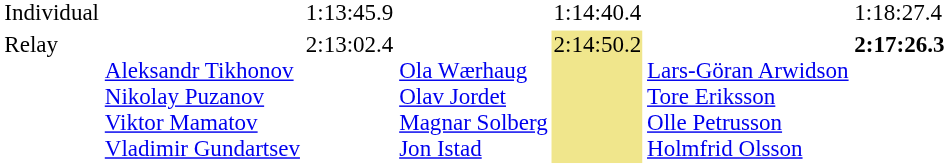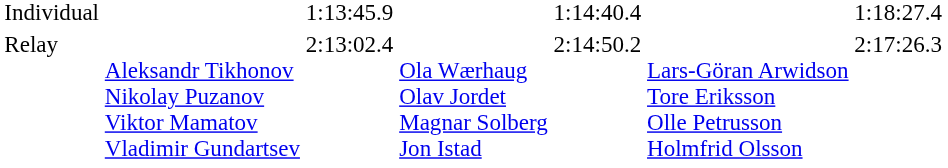 <table>
 <tr valign="top">
 <td>Individual<br></td>
 <td></td>
 <td>1:13:45.9</td>
 <td></td>
 <td>1:14:40.4</td>
 <td></td>
 <td>1:18:27.4</td>
 </tr>
 <tr valign="top">
 <td>Relay<br></td>
 <td><br><a href='#'>Aleksandr Tikhonov</a><br><a href='#'>Nikolay Puzanov</a><br><a href='#'>Viktor Mamatov</a><br><a href='#'>Vladimir Gundartsev</a></td>
 <td>2:13:02.4</td>
 <td><br><a href='#'>Ola Wærhaug</a><br><a href='#'>Olav Jordet</a><br><a href='#'>Magnar Solberg</a><br><a href='#'>Jon Istad</a></td>
-<td style="background: khaki;">2:14:50.2</td>
+<td>2:14:50.2</td>
 <td><br><a href='#'>Lars-Göran Arwidson</a><br><a href='#'>Tore Eriksson</a><br><a href='#'>Olle Petrusson</a><br><a href='#'>Holmfrid Olsson</a></td>
-<td><strong>2:17:26.3</strong></td>
+<td>2:17:26.3</td>
 </tr>
 </table>
